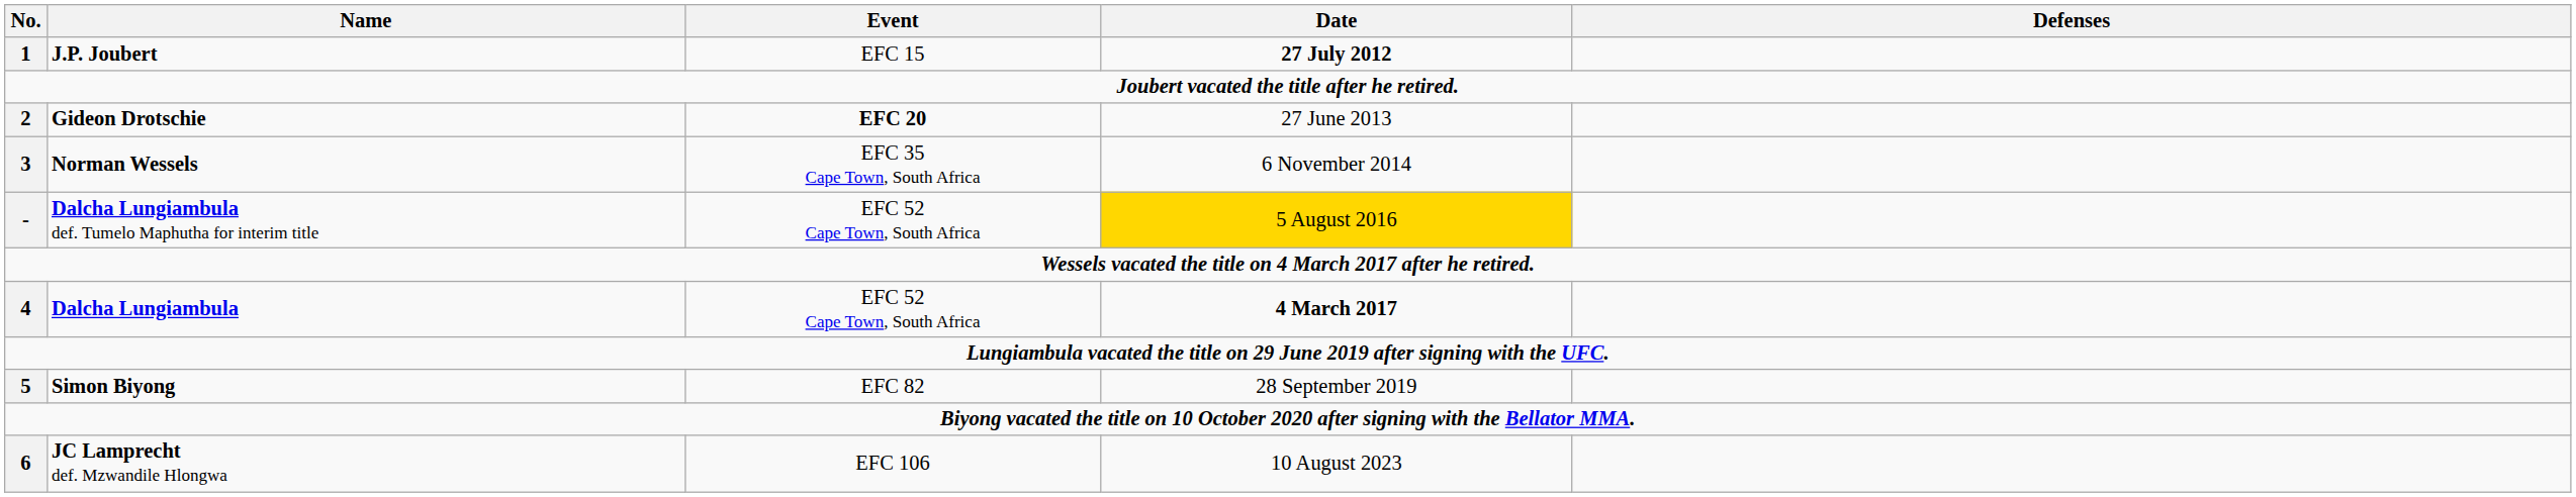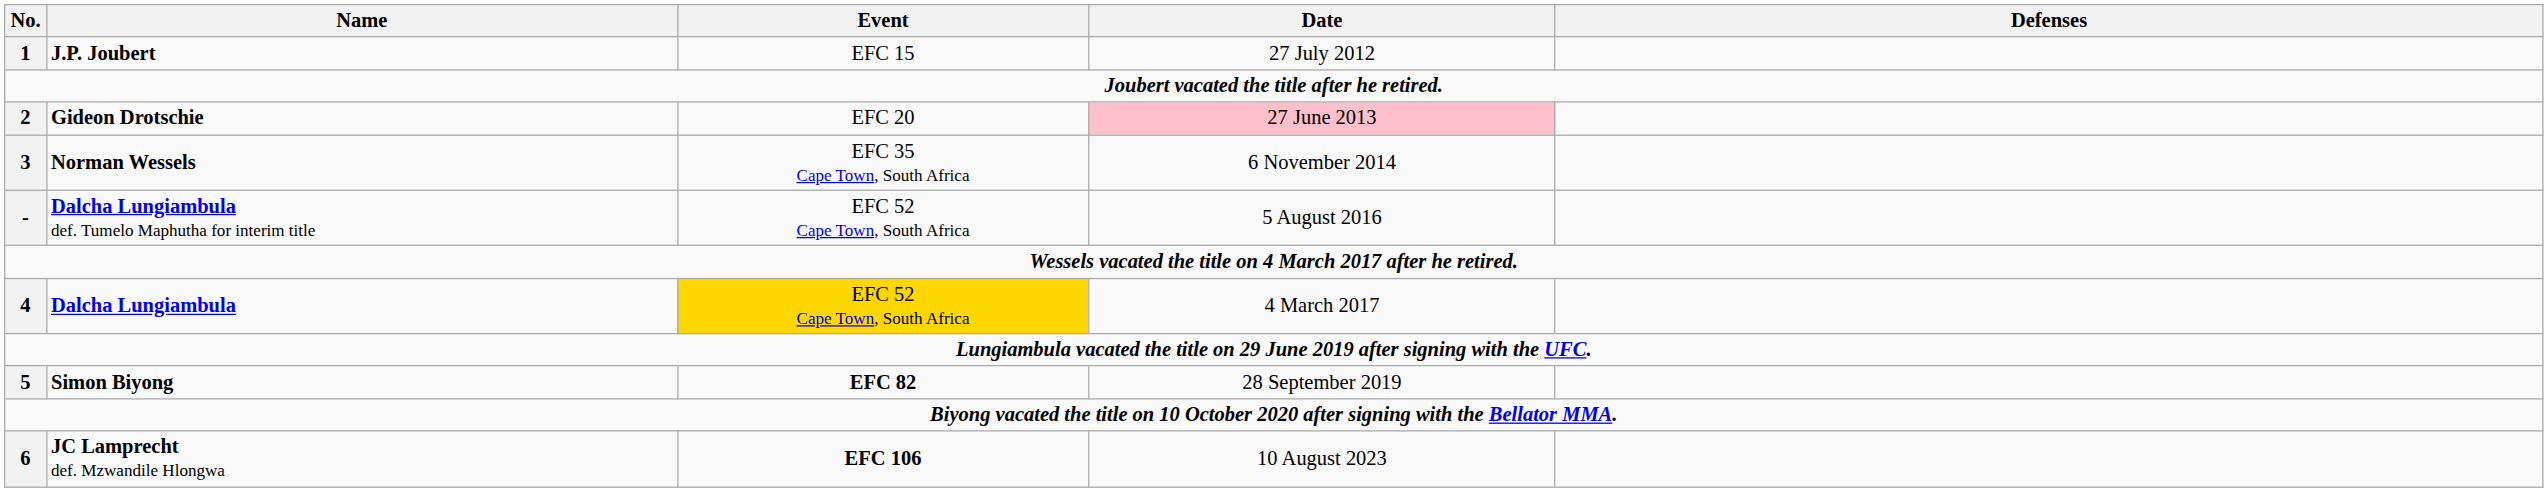 <table class="wikitable" width=100%>
 <tr>
 <th width=1%>No.</th>
 <th width=23%>Name</th>
 <th width=15%>Event</th>
 <th width=17%>Date</th>
 <th width=36%>Defenses</th>
 </tr>
 <tr>
 <th>1</th>
 <td align=left> <strong>J.P. Joubert</strong> <br></td>
 <td align=center>EFC 15<br></td>
-<td align=center><strong>27 July 2012</strong></td>
+<td align=center>27 July 2012</td>
 <td></td>
 </tr>
 <tr>
 <td align="center" colspan="6"><strong><em>Joubert vacated the title after he retired.</em></strong></td>
 </tr>
 <tr>
 <th>2</th>
 <td align=left> <strong>Gideon Drotschie</strong><br></td>
-<td align=center><strong>EFC 20<br></strong></td>
-<td align=center>27 June 2013</td>
+<td align=center>EFC 20<br></td>
+<td align=center style="background: pink;">27 June 2013</td>
 <td></td>
 </tr>
 <tr>
 <th>3</th>
 <td align=left> <strong>Norman Wessels</strong></td>
 <td align=center>EFC 35<br><small><a href='#'>Cape Town</a>, South Africa</small></td>
 <td align="center">6 November 2014</td>
 <td><br><br></td>
 </tr>
 <tr>
 <th>-</th>
 <td align=left> <strong><a href='#'>Dalcha Lungiambula</a></strong><br><small>def. Tumelo Maphutha for interim title</small></td>
 <td align=center>EFC 52<br><small><a href='#'>Cape Town</a>, South Africa</small></td>
-<td align="center" style="background: gold;">5 August 2016</td>
+<td align="center">5 August 2016</td>
 <td></td>
 </tr>
 <tr>
 <td align="center" colspan="6"><strong><em>Wessels vacated the title on 4 March 2017 after he retired.</em></strong></td>
 </tr>
 <tr>
 <th>4</th>
 <td align=left> <strong><a href='#'>Dalcha Lungiambula</a></strong><br></td>
-<td align=center>EFC 52<br><small><a href='#'>Cape Town</a>, South Africa</small></td>
-<td align="center"><strong>4 March 2017</strong></td>
+<td align=center style="background: gold;">EFC 52<br><small><a href='#'>Cape Town</a>, South Africa</small></td>
+<td align="center">4 March 2017</td>
 <td><br><br> </td>
 </tr>
 <tr>
 <td align="center" colspan="6"><strong><em>Lungiambula vacated the title on 29 June 2019 after signing with the <a href='#'>UFC</a>.</em></strong></td>
 </tr>
 <tr>
 <th>5</th>
 <td align=left> <strong>Simon Biyong</strong><br></td>
-<td align=center>EFC 82<br></td>
+<td align=center><strong>EFC 82<br></strong></td>
 <td align=center>28 September 2019</td>
 <td></td>
 </tr>
 <tr>
 <td align="center" colspan="6"><strong><em>Biyong vacated the title on 10 October 2020 after signing with the <a href='#'>Bellator MMA</a>.</em></strong></td>
 </tr>
 <tr>
 <th>6</th>
 <td align=left> <strong>JC Lamprecht</strong> <br><small>def. Mzwandile Hlongwa</small></td>
-<td align=center>EFC 106<br></td>
+<td align=center><strong>EFC 106<br></strong></td>
 <td align=center>10 August 2023</td>
 <td><br></td>
 </tr>
 </table>
